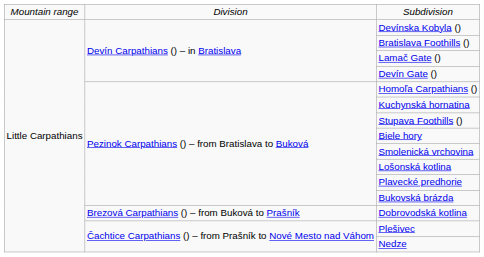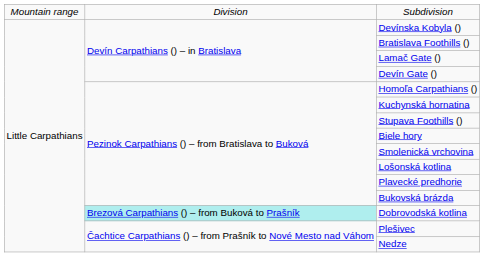 <table class="wikitable" align=center>
 <tr>
 <td align="center"><em>Mountain range</em></td>
 <td align="center"><em>Division</em></td>
 <td align="center"><em>Subdivision</em></td>
 </tr>
 <tr>
 <td rowspan="15" align="center">Little Carpathians</td>
 <td rowspan="4" align="left"><a href='#'>Devín Carpathians</a> () – in <a href='#'>Bratislava</a></td>
 <td align="left"><a href='#'>Devínska Kobyla</a> ()</td>
 </tr>
 <tr>
 <td align="left"><a href='#'>Bratislava Foothills</a> ()</td>
 </tr>
 <tr>
 <td align="left"><a href='#'>Lamač Gate</a> ()</td>
 </tr>
 <tr>
 <td align="left"><a href='#'>Devín Gate</a> ()</td>
 </tr>
 <tr>
 <td rowspan="8" align="left"><a href='#'>Pezinok Carpathians</a> () – from Bratislava to <a href='#'>Buková</a></td>
 <td align="left"><a href='#'>Homoľa Carpathians</a> ()</td>
 </tr>
 <tr>
 <td align="left"><a href='#'>Kuchynská hornatina</a></td>
 </tr>
 <tr>
 <td align="left"><a href='#'>Stupava Foothills</a> ()</td>
 </tr>
 <tr>
 <td align="left"><a href='#'>Biele hory</a></td>
 </tr>
 <tr>
 <td align="left"><a href='#'>Smolenická vrchovina</a></td>
 </tr>
 <tr>
 <td align="left"><a href='#'>Lošonská kotlina</a></td>
 </tr>
 <tr>
 <td align="left"><a href='#'>Plavecké predhorie</a></td>
 </tr>
 <tr>
 <td align="left"><a href='#'>Bukovská brázda</a></td>
 </tr>
 <tr>
-<td rowspan="1" align="left"><a href='#'>Brezová Carpathians</a> () – from Buková to <a href='#'>Prašník</a></td>
+<td rowspan="1" align="left" style="background: paleturquoise;"><a href='#'>Brezová Carpathians</a> () – from Buková to <a href='#'>Prašník</a></td>
 <td align="left"><a href='#'>Dobrovodská kotlina</a></td>
 </tr>
 <tr>
 <td rowspan="2" align="left"><a href='#'>Čachtice Carpathians</a> () – from Prašník to <a href='#'>Nové Mesto nad Váhom</a></td>
 <td align="left"><a href='#'>Plešivec</a></td>
 </tr>
 <tr>
 <td align="left"><a href='#'>Nedze</a></td>
 </tr>
 </table>
